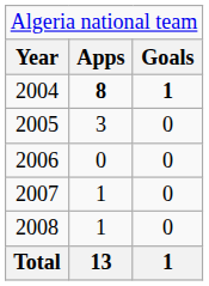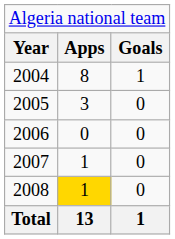 <table class="wikitable" style="text-align:center">
 <tr>
 <td colspan="3"><a href='#'>Algeria national team</a></td>
 </tr>
 <tr>
 <th>Year</th>
 <th>Apps</th>
 <th>Goals</th>
 </tr>
 <tr>
 <td>2004</td>
-<td><strong>8</strong></td>
-<td><strong>1</strong></td>
+<td>8</td>
+<td>1</td>
 </tr>
 <tr>
 <td>2005</td>
 <td>3</td>
 <td>0</td>
 </tr>
 <tr>
 <td>2006</td>
 <td>0</td>
 <td>0</td>
 </tr>
 <tr>
 <td>2007</td>
 <td>1</td>
 <td>0</td>
 </tr>
 <tr>
 <td>2008</td>
-<td>1</td>
+<td style="background: gold;">1</td>
 <td>0</td>
 </tr>
 <tr>
 <th>Total</th>
 <th>13</th>
 <th>1</th>
 </tr>
 </table>
